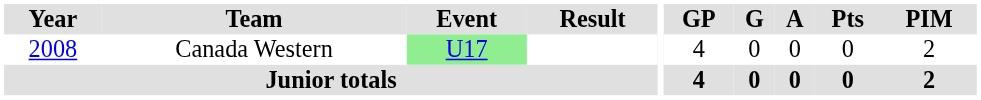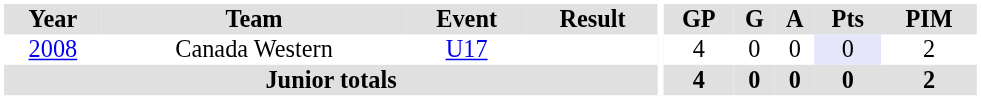 <table border="0" cellpadding="1" cellspacing="0" ID="Table3" style="text-align:center; width:40em">
 <tr ALIGN="center" bgcolor="#e0e0e0">
 <th>Year</th>
 <th>Team</th>
 <th>Event</th>
 <th>Result</th>
 <th rowspan="99" bgcolor="#ffffff"></th>
 <th>GP</th>
 <th>G</th>
 <th>A</th>
 <th>Pts</th>
 <th>PIM</th>
 </tr>
 <tr>
 <td><a href='#'>2008</a></td>
 <td>Canada Western</td>
-<td style="background: lightgreen;"><a href='#'>U17</a></td>
+<td><a href='#'>U17</a></td>
 <td></td>
 <td>4</td>
 <td>0</td>
 <td>0</td>
-<td>0</td>
+<td style="background: lavender;">0</td>
 <td>2</td>
 </tr>
 <tr bgcolor="#e0e0e0">
 <th colspan="4">Junior totals</th>
 <th>4</th>
 <th>0</th>
 <th>0</th>
 <th>0</th>
 <th>2</th>
 </tr>
 </table>
